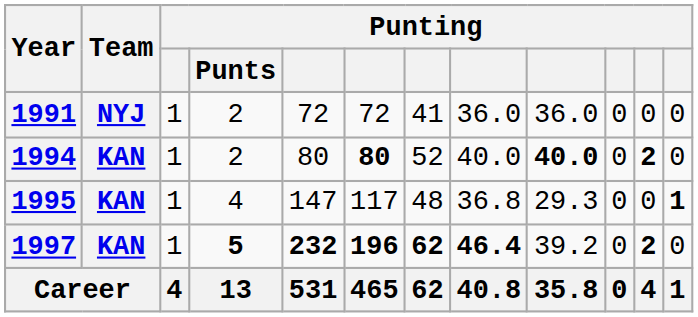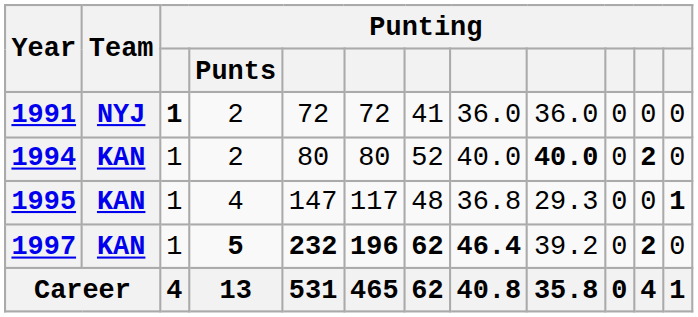 <table class=wikitable style="text-align:center;">
 <tr>
 <th rowspan="2">Year</th>
 <th rowspan="2">Team</th>
 <th colspan="10">Punting</th>
 </tr>
 <tr>
 <th></th>
 <th>Punts</th>
 <th></th>
 <th></th>
 <th></th>
 <th></th>
 <th></th>
 <th></th>
 <th></th>
 <th></th>
 </tr>
 <tr>
 <th><a href='#'>1991</a></th>
 <th><a href='#'>NYJ</a></th>
-<td>1</td>
+<td><strong>1</strong></td>
 <td>2</td>
 <td>72</td>
 <td>72</td>
 <td>41</td>
 <td>36.0</td>
 <td>36.0</td>
 <td>0</td>
 <td>0</td>
 <td>0</td>
 </tr>
 <tr>
 <th><a href='#'>1994</a></th>
 <th><a href='#'>KAN</a></th>
 <td>1</td>
 <td>2</td>
 <td>80</td>
-<td><strong>80</strong></td>
+<td>80</td>
 <td>52</td>
 <td>40.0</td>
 <td><strong>40.0</strong></td>
 <td>0</td>
 <td><strong>2</strong></td>
 <td>0</td>
 </tr>
 <tr>
 <th><a href='#'>1995</a></th>
 <th><a href='#'>KAN</a></th>
 <td>1</td>
 <td>4</td>
 <td>147</td>
 <td>117</td>
 <td>48</td>
 <td>36.8</td>
 <td>29.3</td>
 <td>0</td>
 <td>0</td>
 <td><strong>1</strong></td>
 </tr>
 <tr>
 <th><a href='#'>1997</a></th>
 <th><a href='#'>KAN</a></th>
 <td>1</td>
 <td><strong>5</strong></td>
 <td><strong>232</strong></td>
 <td><strong>196</strong></td>
 <td><strong>62</strong></td>
 <td><strong>46.4</strong></td>
 <td>39.2</td>
 <td>0</td>
 <td><strong>2</strong></td>
 <td>0</td>
 </tr>
 <tr>
 <th colspan="2">Career</th>
 <th>4</th>
 <th>13</th>
 <th>531</th>
 <th>465</th>
 <th>62</th>
 <th>40.8</th>
 <th>35.8</th>
 <th>0</th>
 <th>4</th>
 <th>1</th>
 </tr>
 </table>
